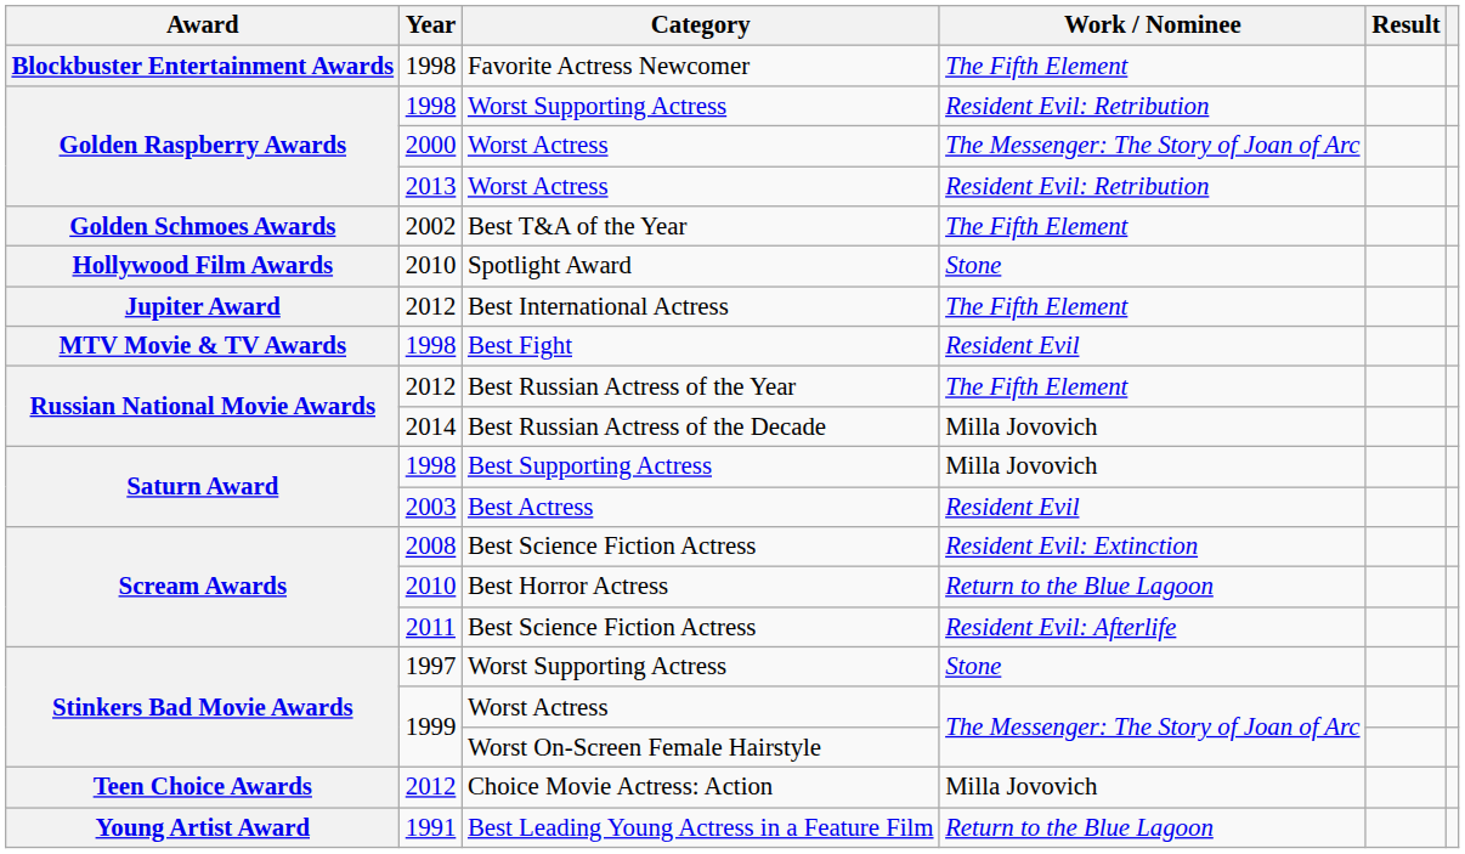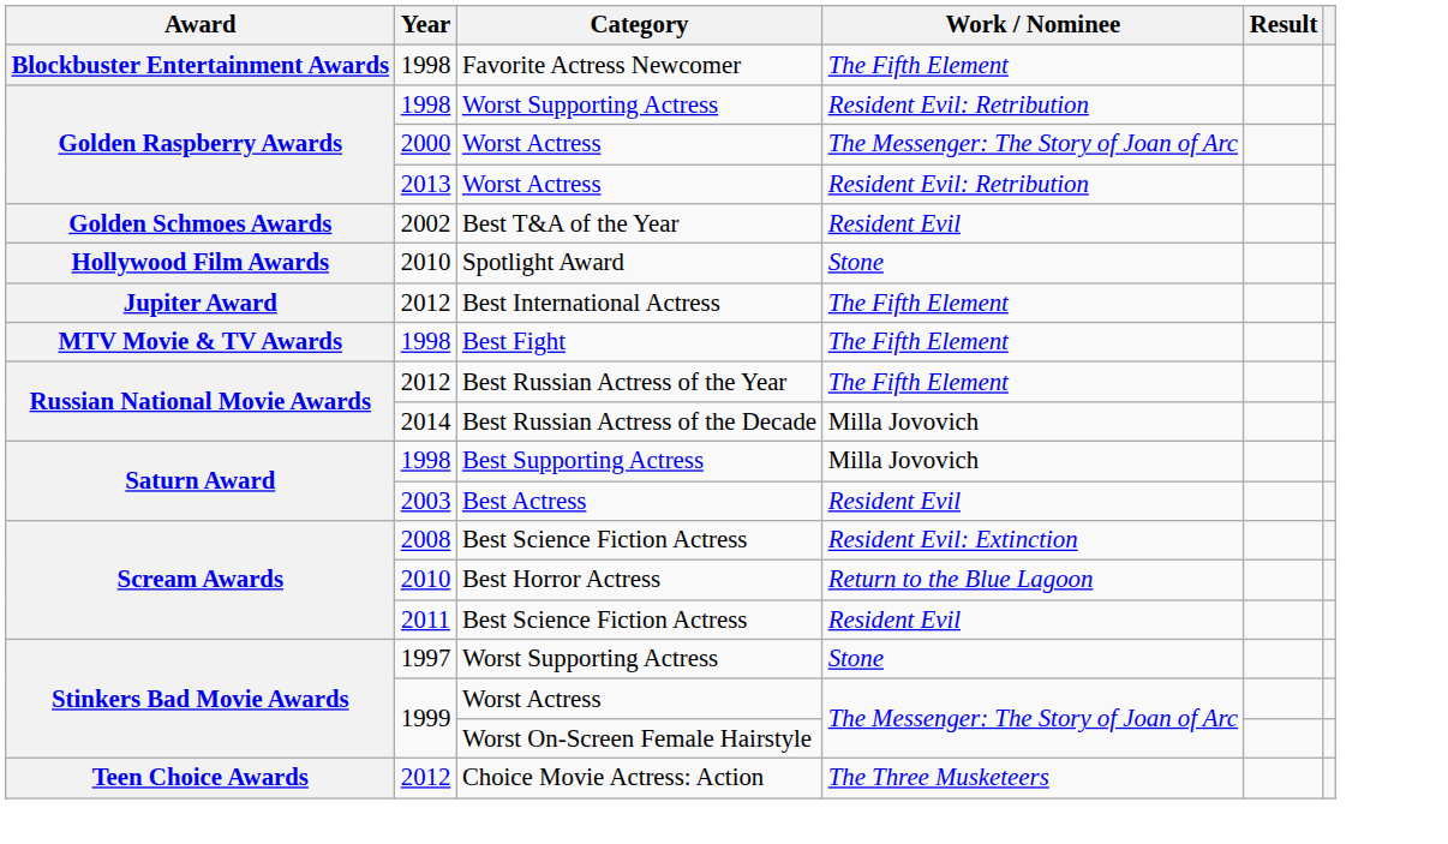 <table class="wikitable plainrowheaders sortable">
 <tr>
 <th scope="col">Award</th>
 <th scope="col">Year</th>
 <th scope="col">Category</th>
 <th scope="col">Work / Nominee</th>
 <th scope="col">Result</th>
 <th scope="col" class="unsortable"></th>
 </tr>
 <tr>
 <th scope="row" rowspan="1"><a href='#'>Blockbuster Entertainment Awards</a></th>
 <td style="text-align:center;">1998</td>
 <td>Favorite Actress  Newcomer</td>
 <td><em><a href='#'>The Fifth Element</a></em></td>
 <td></td>
 <td style="text-align:center;"></td>
 </tr>
 <tr>
 <th scope="row" rowspan="3"><a href='#'>Golden Raspberry Awards</a></th>
 <td style="text-align:center;"><a href='#'>1998</a></td>
 <td><a href='#'>Worst Supporting Actress</a></td>
 <td><em><a href='#'>Resident Evil: Retribution</a></em></td>
 <td></td>
 <td style="text-align:center;"></td>
 </tr>
 <tr>
 <td style="text-align:center;"><a href='#'>2000</a></td>
 <td><a href='#'>Worst Actress</a></td>
 <td><em><a href='#'>The Messenger: The Story of Joan of Arc</a></em></td>
 <td></td>
 <td style="text-align:center;"></td>
 </tr>
 <tr>
 <td style="text-align:center;"><a href='#'>2013</a></td>
 <td><a href='#'>Worst Actress</a></td>
 <td><em><a href='#'>Resident Evil: Retribution</a></em></td>
 <td></td>
 <td style="text-align:center;"></td>
 </tr>
 <tr>
 <th scope="row" rowspan="1"><a href='#'>Golden Schmoes Awards</a></th>
 <td style="text-align:center;">2002</td>
 <td>Best T&A of the Year</td>
-<td><em><a href='#'>The Fifth Element</a></em></td>
+<td><em><a href='#'>Resident Evil</a></em></td>
 <td></td>
 <td style="text-align:center;"></td>
 </tr>
 <tr>
 <th scope="row" rowspan="1"><a href='#'>Hollywood Film Awards</a></th>
 <td style="text-align:center;">2010</td>
 <td>Spotlight Award</td>
 <td><em><a href='#'>Stone</a></em></td>
 <td></td>
 <td style="text-align:center;"></td>
 </tr>
 <tr>
 <th scope="row" rowspan="1"><a href='#'>Jupiter Award</a></th>
 <td style="text-align:center;">2012</td>
 <td>Best International Actress</td>
 <td><em><a href='#'>The Fifth Element</a></em></td>
 <td></td>
 <td style="text-align:center;"></td>
 </tr>
 <tr>
 <th scope="row" rowspan="1"><a href='#'>MTV Movie & TV Awards</a></th>
 <td style="text-align:center;"><a href='#'>1998</a></td>
 <td><a href='#'>Best Fight</a></td>
-<td><em><a href='#'>Resident Evil</a></em></td>
+<td><em><a href='#'>The Fifth Element</a></em></td>
 <td></td>
 <td style="text-align:center;"></td>
 </tr>
 <tr>
 <th scope="row" rowspan="2"><a href='#'>Russian National Movie Awards</a></th>
 <td style="text-align:center;">2012</td>
 <td>Best Russian Actress of the Year</td>
 <td><em><a href='#'>The Fifth Element</a></em></td>
 <td></td>
 <td style="text-align:center;"></td>
 </tr>
 <tr>
 <td style="text-align:center;">2014</td>
 <td>Best Russian Actress of the Decade</td>
 <td>Milla Jovovich</td>
 <td></td>
 <td style="text-align:center;"></td>
 </tr>
 <tr>
 <th scope="row" rowspan="2"><a href='#'>Saturn Award</a></th>
 <td style="text-align:center;"><a href='#'>1998</a></td>
 <td><a href='#'>Best Supporting Actress</a></td>
 <td>Milla Jovovich</td>
 <td></td>
 <td style="text-align:center;"></td>
 </tr>
 <tr>
 <td style="text-align:center;"><a href='#'>2003</a></td>
 <td><a href='#'>Best Actress</a></td>
 <td><em><a href='#'>Resident Evil</a></em></td>
 <td></td>
 <td style="text-align:center;"></td>
 </tr>
 <tr>
 <th scope="row" rowspan="3"><a href='#'>Scream Awards</a></th>
 <td style="text-align:center;"><a href='#'>2008</a></td>
 <td>Best Science Fiction Actress</td>
 <td><em><a href='#'>Resident Evil: Extinction</a></em></td>
 <td></td>
 <td style="text-align:center;"></td>
 </tr>
 <tr>
 <td style="text-align:center;"><a href='#'>2010</a></td>
 <td>Best Horror Actress</td>
 <td><em><a href='#'>Return to the Blue Lagoon</a></em></td>
 <td></td>
 <td style="text-align:center;"></td>
 </tr>
 <tr>
 <td style="text-align:center;"><a href='#'>2011</a></td>
 <td>Best Science Fiction Actress</td>
-<td><em><a href='#'>Resident Evil: Afterlife</a></em></td>
+<td><em><a href='#'>Resident Evil</a></em></td>
 <td></td>
 <td style="text-align:center;"></td>
 </tr>
 <tr>
 <th scope="row" rowspan="3"><a href='#'>Stinkers Bad Movie Awards</a></th>
 <td style="text-align:center;">1997</td>
 <td>Worst Supporting Actress</td>
 <td><em><a href='#'>Stone</a></em></td>
 <td></td>
 <td style="text-align:center;"></td>
 </tr>
 <tr>
 <td rowspan="2" style="text-align:center;">1999</td>
 <td>Worst Actress</td>
 <td rowspan="2"><em><a href='#'>The Messenger: The Story of Joan of Arc</a></em></td>
 <td></td>
 <td style="text-align:center;"></td>
 </tr>
 <tr>
 <td>Worst On-Screen Female Hairstyle</td>
 <td></td>
 <td style="text-align:center;"></td>
 </tr>
 <tr>
 <th scope="row" rowspan="1"><a href='#'>Teen Choice Awards</a></th>
 <td style="text-align:center;"><a href='#'>2012</a></td>
 <td>Choice Movie Actress: Action</td>
-<td>Milla Jovovich</td>
-<td></td>
-<td style="text-align:center;"></td>
-</tr>
-<tr>
-<th scope="row" rowspan="1"><a href='#'>Young Artist Award</a></th>
-<td style="text-align:center;"><a href='#'>1991</a></td>
-<td><a href='#'>Best Leading Young Actress in a Feature Film</a></td>
-<td><em><a href='#'>Return to the Blue Lagoon</a></em></td>
+<td><em><a href='#'>The Three Musketeers</a></em></td>
 <td></td>
 <td style="text-align:center;"></td>
 </tr>
 </table>
